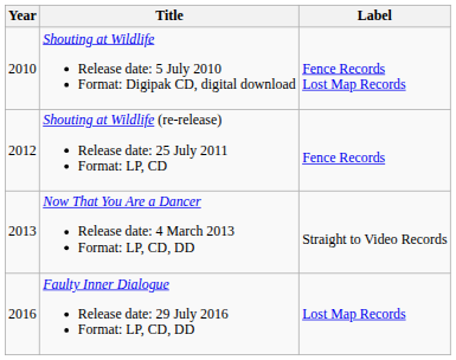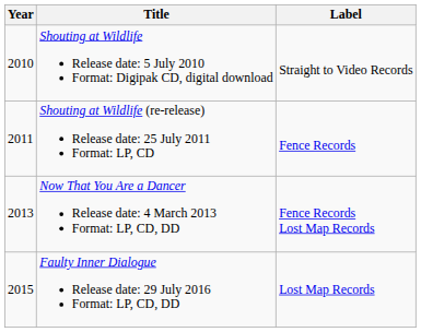 <table class="wikitable">
 <tr>
 <th>Year</th>
 <th>Title</th>
 <th>Label</th>
 </tr>
 <tr>
 <td>2010</td>
 <td><em><a href='#'>Shouting at Wildlife</a></em><br><ul><li>Release date: 5 July 2010</li><li>Format: Digipak CD, digital download</li></ul></td>
-<td><br><a href='#'>Fence Records</a><br> <a href='#'>Lost Map Records</a></td>
+<td><br>Straight to Video Records</td>
 </tr>
 <tr>
-<td>2012</td>
+<td>2011</td>
 <td><em><a href='#'>Shouting at Wildlife</a></em> (re-release)<br><ul><li>Release date: 25 July 2011</li><li>Format: LP, CD</li></ul></td>
 <td><br><a href='#'>Fence Records</a></td>
 </tr>
 <tr>
 <td>2013</td>
 <td><em><a href='#'>Now That You Are a Dancer</a></em><br><ul><li>Release date: 4 March 2013</li><li>Format: LP, CD, DD</li></ul></td>
-<td><br>Straight to Video Records</td>
+<td><br><a href='#'>Fence Records</a><br> <a href='#'>Lost Map Records</a></td>
 </tr>
 <tr>
-<td>2016</td>
+<td>2015</td>
 <td><em><a href='#'>Faulty Inner Dialogue</a></em><br><ul><li>Release date: 29 July 2016</li><li>Format: LP, CD, DD</li></ul></td>
 <td><a href='#'>Lost Map Records</a></td>
 </tr>
 </table>
